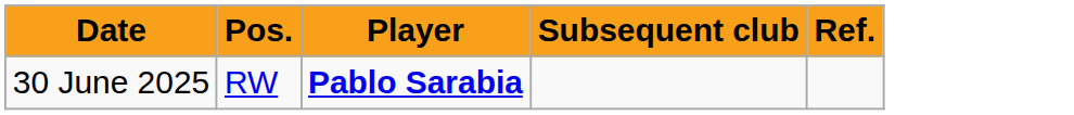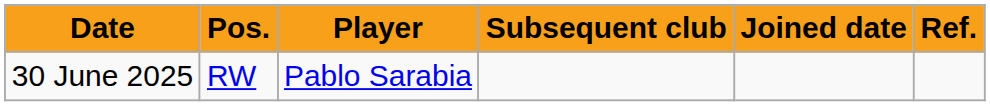 <table class="wikitable plainrowheaders sortable">
 <tr>
 <th style="background:#F9A01B; color:#000000; ">Date</th>
 <th style="background:#F9A01B; color:#000000; ">Pos.</th>
 <th style="background:#F9A01B; color:#000000; ">Player</th>
 <th style="background:#F9A01B; color:#000000; ">Subsequent club</th>
+<th style="background:#F9A01B; color:#000000; ">Joined date</th>
 <th style="background:#F9A01B; color:#000000; ">Ref.</th>
 </tr>
 <tr>
 <td>30 June 2025</td>
 <td><a href='#'>RW</a></td>
-<td><strong> <a href='#'>Pablo Sarabia</a></strong></td>
+<td> <a href='#'>Pablo Sarabia</a></td>
+<td></td>
 <td></td>
 <td></td>
 </tr>
 </table>
